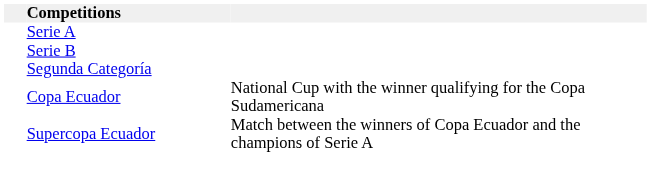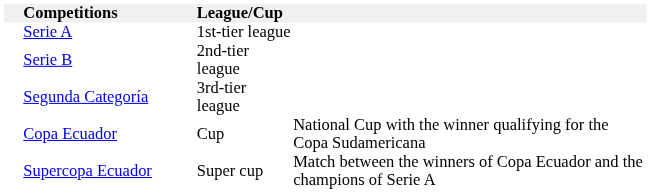 <table width="100%" cellspacing="0" cellpadding="0">
 <tr bgcolor="F0F0F0">
 <th width="3%" align="left"></th>
 <th width="27%" align="left">Competitions</th>
+<th width="15%" align="left">League/Cup</th>
 <th width="55%" align="left"></th>
 </tr>
 <tr>
 <td></td>
 <td><a href='#'>Serie A</a></td>
+<td>1st-tier league</td>
 <td></td>
 </tr>
 <tr>
 <td></td>
 <td><a href='#'>Serie B</a></td>
+<td>2nd-tier league</td>
 <td></td>
 </tr>
 <tr>
 <td></td>
 <td><a href='#'>Segunda Categoría</a></td>
+<td>3rd-tier league</td>
 <td></td>
 </tr>
 <tr>
 <td></td>
 <td><a href='#'>Copa Ecuador</a></td>
+<td>Cup</td>
 <td>National Cup with the winner qualifying for the Copa Sudamericana</td>
 </tr>
 <tr>
 <td></td>
 <td><a href='#'>Supercopa Ecuador</a></td>
+<td>Super cup</td>
 <td>Match between the winners of Copa Ecuador and the champions of Serie A</td>
 </tr>
 </table>
